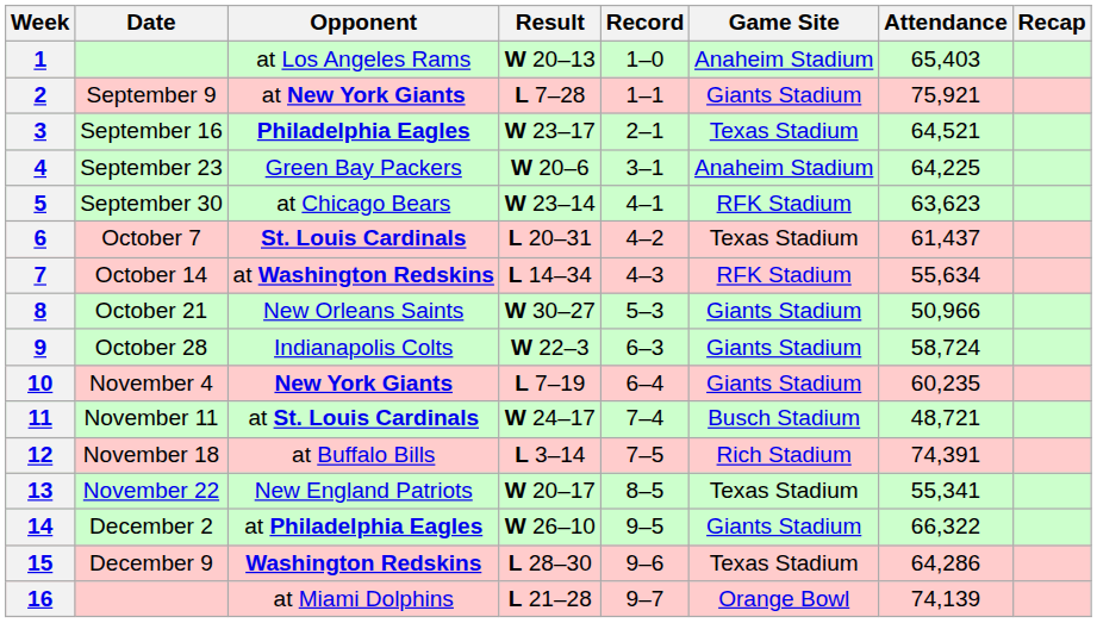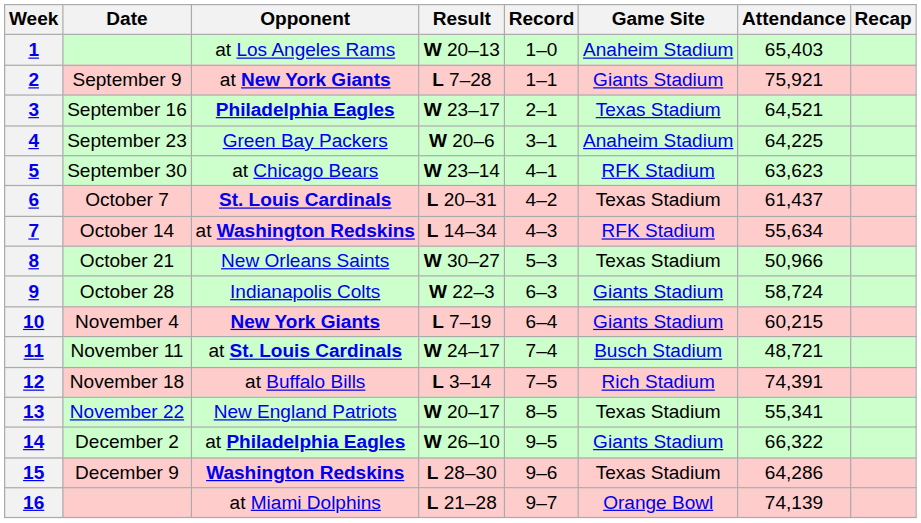 <table class="wikitable" style="text-align:center">
 <tr>
 <th>Week</th>
 <th>Date</th>
 <th>Opponent</th>
 <th>Result</th>
 <th>Record</th>
 <th>Game Site</th>
 <th>Attendance</th>
 <th>Recap</th>
 </tr>
 <tr style="background: #cfc">
 <th><a href='#'>1</a></th>
 <td></td>
 <td>at <a href='#'>Los Angeles Rams</a></td>
 <td><strong>W</strong> 20–13</td>
 <td>1–0</td>
 <td><a href='#'>Anaheim Stadium</a></td>
 <td>65,403</td>
 <td></td>
 </tr>
 <tr style="background: #fcc">
 <th><a href='#'>2</a></th>
 <td>September 9</td>
 <td>at <strong><a href='#'>New York Giants</a></strong></td>
 <td><strong>L</strong> 7–28</td>
 <td>1–1</td>
 <td><a href='#'>Giants Stadium</a></td>
 <td>75,921</td>
 <td></td>
 </tr>
 <tr style="background: #cfc">
 <th><a href='#'>3</a></th>
 <td>September 16</td>
 <td><strong><a href='#'>Philadelphia Eagles</a></strong></td>
 <td><strong>W</strong> 23–17</td>
 <td>2–1</td>
 <td><a href='#'>Texas Stadium</a></td>
 <td>64,521</td>
 <td></td>
 </tr>
 <tr style="background: #cfc">
 <th><a href='#'>4</a></th>
 <td>September 23</td>
 <td><a href='#'>Green Bay Packers</a></td>
 <td><strong>W</strong> 20–6</td>
 <td>3–1</td>
 <td><a href='#'>Anaheim Stadium</a></td>
 <td>64,225</td>
 <td></td>
 </tr>
 <tr style="background: #cfc">
 <th><a href='#'>5</a></th>
 <td>September 30</td>
 <td>at <a href='#'>Chicago Bears</a></td>
 <td><strong>W</strong> 23–14</td>
 <td>4–1</td>
 <td><a href='#'>RFK Stadium</a></td>
 <td>63,623</td>
 <td></td>
 </tr>
 <tr style="background: #fcc">
 <th><a href='#'>6</a></th>
 <td>October 7</td>
 <td><strong><a href='#'>St. Louis Cardinals</a></strong></td>
 <td><strong>L</strong> 20–31</td>
 <td>4–2</td>
 <td>Texas Stadium</td>
 <td>61,437</td>
 <td></td>
 </tr>
 <tr style="background: #fcc">
 <th><a href='#'>7</a></th>
 <td>October 14</td>
 <td>at <strong><a href='#'>Washington Redskins</a></strong></td>
 <td><strong>L</strong> 14–34</td>
 <td>4–3</td>
 <td><a href='#'>RFK Stadium</a></td>
 <td>55,634</td>
 <td></td>
 </tr>
 <tr style="background: #cfc">
 <th><a href='#'>8</a></th>
 <td>October 21</td>
 <td><a href='#'>New Orleans Saints</a></td>
 <td><strong>W</strong> 30–27 </td>
 <td>5–3</td>
-<td><a href='#'>Giants Stadium</a></td>
+<td>Texas Stadium</td>
 <td>50,966</td>
 <td></td>
 </tr>
 <tr style="background: #cfc">
 <th><a href='#'>9</a></th>
 <td>October 28</td>
 <td><a href='#'>Indianapolis Colts</a></td>
 <td><strong>W</strong> 22–3</td>
 <td>6–3</td>
 <td><a href='#'>Giants Stadium</a></td>
 <td>58,724</td>
 <td></td>
 </tr>
 <tr style="background: #fcc">
 <th><a href='#'>10</a></th>
 <td>November 4</td>
 <td><strong><a href='#'>New York Giants</a></strong></td>
 <td><strong>L</strong> 7–19</td>
 <td>6–4</td>
 <td><a href='#'>Giants Stadium</a></td>
-<td>60,235</td>
+<td>60,215</td>
 <td></td>
 </tr>
 <tr style="background: #cfc">
 <th><a href='#'>11</a></th>
 <td>November 11</td>
 <td>at <strong><a href='#'>St. Louis Cardinals</a></strong></td>
 <td><strong>W</strong> 24–17</td>
 <td>7–4</td>
 <td><a href='#'>Busch Stadium</a></td>
 <td>48,721</td>
 <td></td>
 </tr>
 <tr style="background: #fcc">
 <th><a href='#'>12</a></th>
 <td>November 18</td>
 <td>at <a href='#'>Buffalo Bills</a></td>
 <td><strong>L</strong> 3–14</td>
 <td>7–5</td>
 <td><a href='#'>Rich Stadium</a></td>
 <td>74,391</td>
 <td></td>
 </tr>
 <tr style="background: #cfc">
 <th><a href='#'>13</a></th>
 <td><a href='#'>November 22</a></td>
 <td><a href='#'>New England Patriots</a></td>
 <td><strong>W</strong> 20–17</td>
 <td>8–5</td>
 <td>Texas Stadium</td>
 <td>55,341</td>
 <td></td>
 </tr>
 <tr style="background: #cfc">
 <th><a href='#'>14</a></th>
 <td>December 2</td>
 <td>at <strong><a href='#'>Philadelphia Eagles</a></strong></td>
 <td><strong>W</strong> 26–10</td>
 <td>9–5</td>
 <td><a href='#'>Giants Stadium</a></td>
 <td>66,322</td>
 <td></td>
 </tr>
 <tr style="background: #fcc">
 <th><a href='#'>15</a></th>
 <td>December 9</td>
 <td><strong><a href='#'>Washington Redskins</a></strong></td>
 <td><strong>L</strong> 28–30</td>
 <td>9–6</td>
 <td>Texas Stadium</td>
 <td>64,286</td>
 <td></td>
 </tr>
 <tr style="background: #fcc">
 <th><a href='#'>16</a></th>
 <td></td>
 <td>at <a href='#'>Miami Dolphins</a></td>
 <td><strong>L</strong> 21–28</td>
 <td>9–7</td>
 <td><a href='#'>Orange Bowl</a></td>
 <td>74,139</td>
 <td></td>
 </tr>
 </table>
